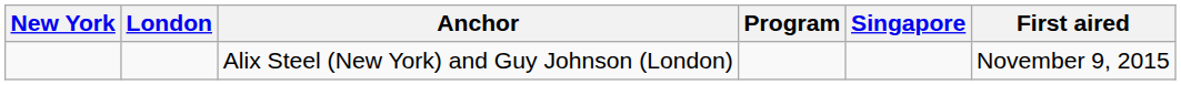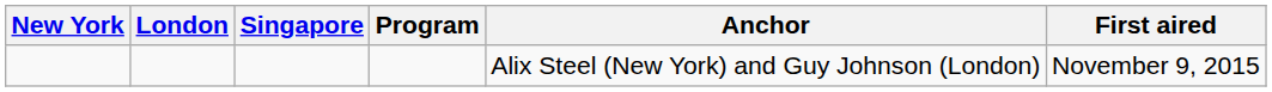 <table class="wikitable">
 <tr>
 <th><a href='#'>New York</a></th>
 <th><a href='#'>London</a></th>
+<th><a href='#'>Singapore</a></th>
+<th>Program</th>
 <th>Anchor</th>
-<th>Program</th>
-<th><a href='#'>Singapore</a></th>
 <th>First aired</th>
 </tr>
 <tr>
 <td></td>
 <td></td>
-<td>Alix Steel (New York) and Guy Johnson (London)</td>
 <td></td>
 <td></td>
+<td>Alix Steel (New York) and Guy Johnson (London)</td>
 <td>November 9, 2015</td>
 </tr>
 </table>
